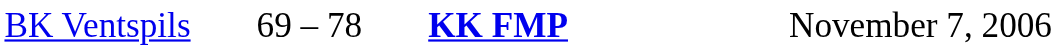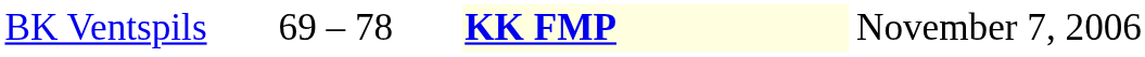 <table style="text-align:center">
 <tr>
 <th width=160></th>
 <th width=100></th>
 <th width=160></th>
 <th width=200></th>
 </tr>
 <tr>
 <td align=right><a href='#'>BK Ventspils</a> </td>
 <td>69 – 78</td>
-<td align=left> <strong><a href='#'>KK FMP</a></strong></td>
+<td align=left style="background: lightyellow;"> <strong><a href='#'>KK FMP</a></strong></td>
 <td align=left>November 7, 2006</td>
 </tr>
 </table>
